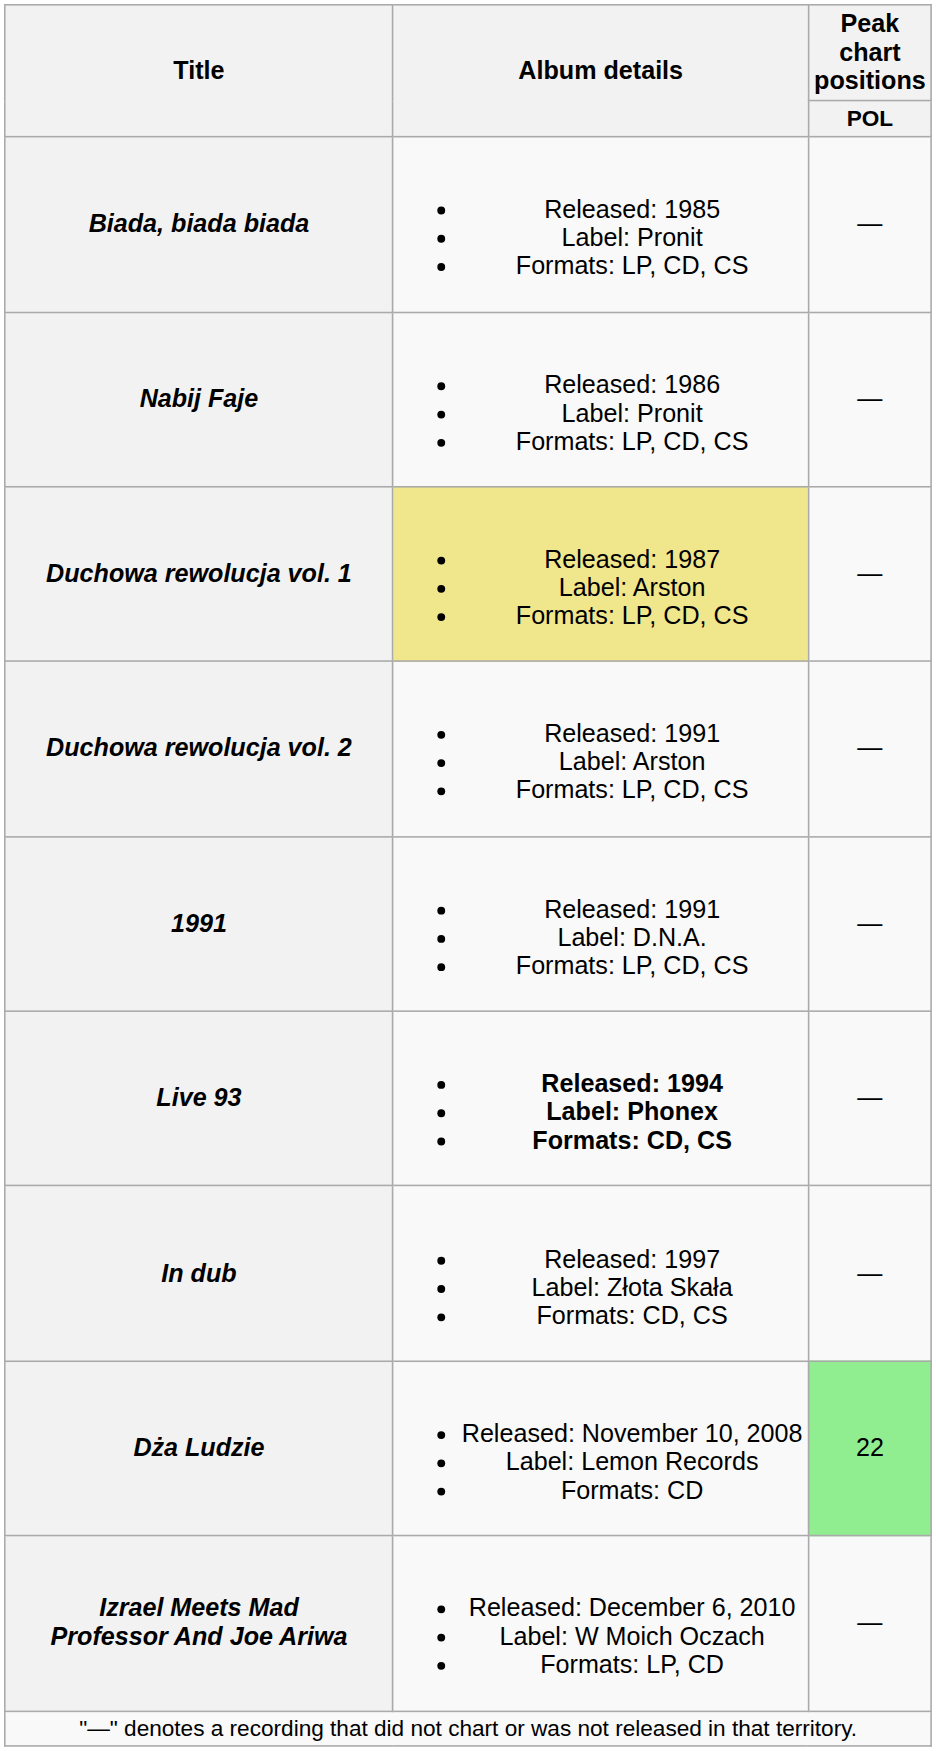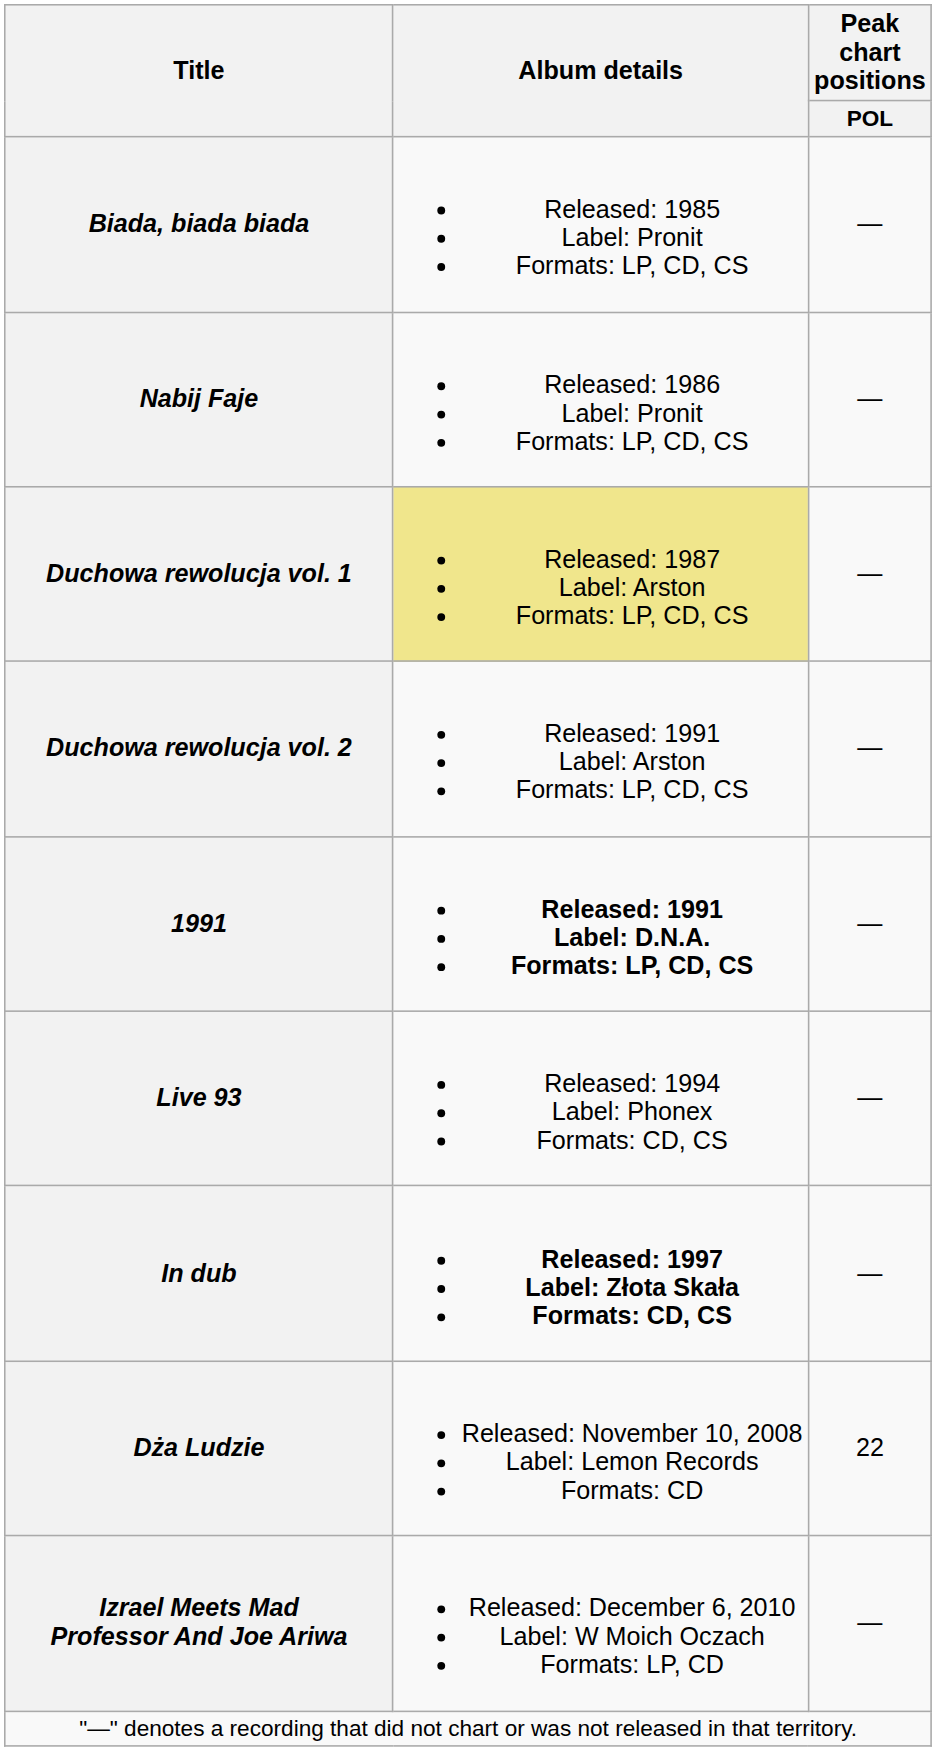 <table class="wikitable plainrowheaders" style="text-align:center;">
 <tr>
 <th scope="col" rowspan="2" style="width:15em;">Title</th>
 <th scope="col" rowspan="2">Album details</th>
 <th scope="col" colspan="1">Peak chart positions</th>
 </tr>
 <tr>
 <th scope="col" style="width:3em;font-size:90%;">POL<br></th>
 </tr>
 <tr>
 <th scope="row"><em>Biada, biada biada</em></th>
 <td><br><ul><li>Released: 1985</li><li>Label: Pronit</li><li>Formats: LP, CD, CS</li></ul></td>
 <td>—</td>
 </tr>
 <tr>
 <th scope="row"><em>Nabij Faje</em></th>
 <td><br><ul><li>Released: 1986</li><li>Label: Pronit</li><li>Formats: LP, CD, CS</li></ul></td>
 <td>—</td>
 </tr>
 <tr>
 <th scope="row"><em>Duchowa rewolucja vol. 1</em></th>
 <td style="background: khaki;"><br><ul><li>Released: 1987</li><li>Label: Arston</li><li>Formats: LP, CD, CS</li></ul></td>
 <td>—</td>
 </tr>
 <tr>
 <th scope="row"><em>Duchowa rewolucja vol. 2</em></th>
 <td><br><ul><li>Released: 1991</li><li>Label: Arston</li><li>Formats: LP, CD, CS</li></ul></td>
 <td>—</td>
 </tr>
 <tr>
 <th scope="row"><em>1991</em></th>
-<td><br><ul><li>Released: 1991</li><li>Label: D.N.A.</li><li>Formats: LP, CD, CS</li></ul></td>
+<td><strong><br><ul><li>Released: 1991</li><li>Label: D.N.A.</li><li>Formats: LP, CD, CS</li></ul></strong></td>
 <td>—</td>
 </tr>
 <tr>
 <th scope="row"><em>Live 93</em></th>
-<td><strong><br><ul><li>Released: 1994</li><li>Label: Phonex</li><li>Formats: CD, CS</li></ul></strong></td>
+<td><br><ul><li>Released: 1994</li><li>Label: Phonex</li><li>Formats: CD, CS</li></ul></td>
 <td>—</td>
 </tr>
 <tr>
 <th scope="row"><em>In dub</em></th>
-<td><br><ul><li>Released: 1997</li><li>Label: Złota Skała</li><li>Formats: CD, CS</li></ul></td>
+<td><strong><br><ul><li>Released: 1997</li><li>Label: Złota Skała</li><li>Formats: CD, CS</li></ul></strong></td>
 <td>—</td>
 </tr>
 <tr>
 <th scope="row"><em>Dża Ludzie</em></th>
 <td><br><ul><li>Released: November 10, 2008</li><li>Label: Lemon Records</li><li>Formats: CD</li></ul></td>
-<td style="background: lightgreen;">22</td>
+<td>22</td>
 </tr>
 <tr>
 <th scope="row"><em>Izrael Meets Mad<br>Professor And Joe Ariwa</em></th>
 <td><br><ul><li>Released: December 6, 2010</li><li>Label: W Moich Oczach</li><li>Formats: LP, CD</li></ul></td>
 <td>—</td>
 </tr>
 <tr>
 <td colspan="20" style="font-size:90%">"—" denotes a recording that did not chart or was not released in that territory.</td>
 </tr>
 </table>
